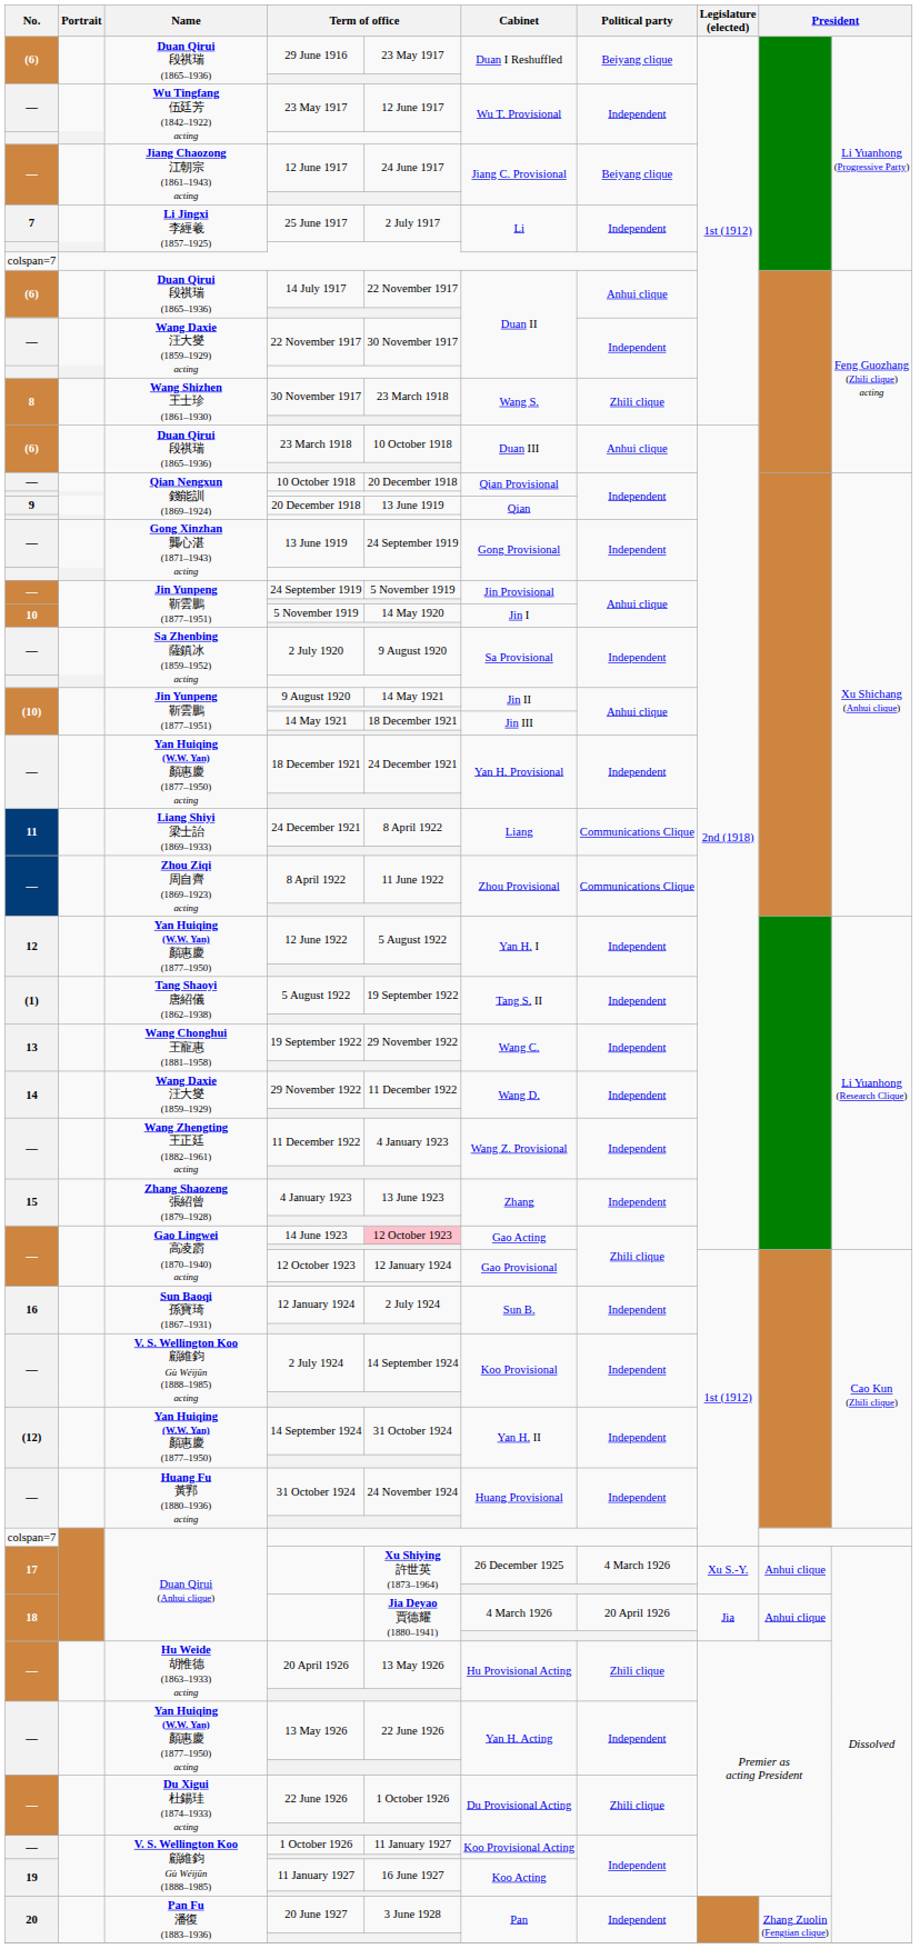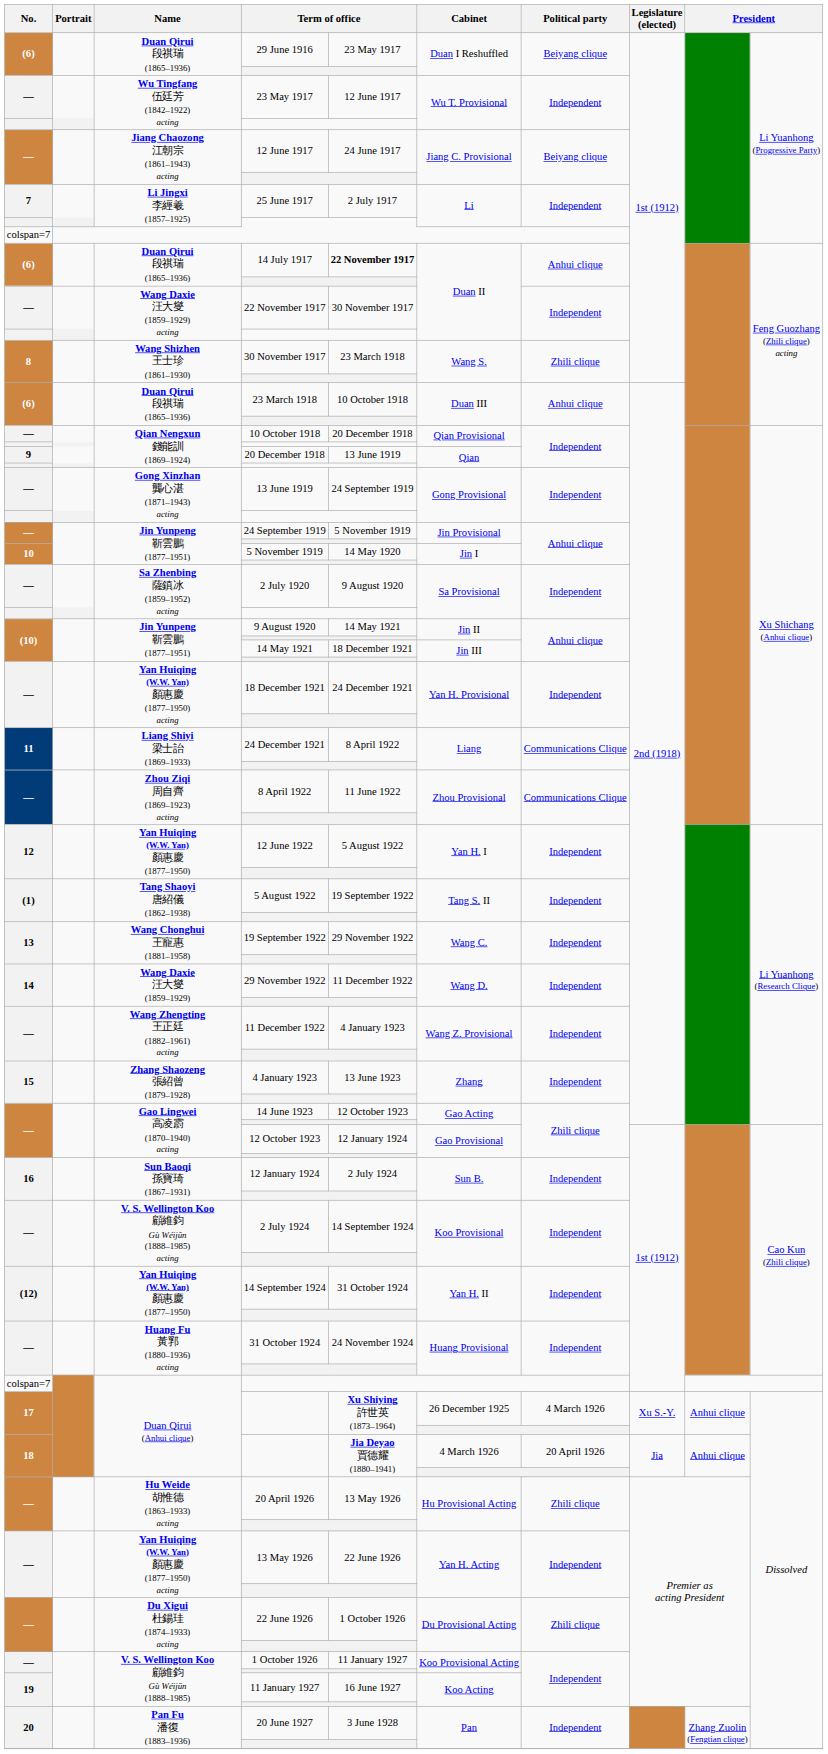 <table class="wikitable" style="text-align:center">
 <tr>
 <th>No.</th>
 <th>Portrait</th>
 <th width=18%>Name<br></th>
 <th colspan=2>Term of office<br></th>
 <th>Cabinet</th>
 <th>Political party</th>
 <th>Legislature<br>(elected)</th>
 <th colspan=2><a href='#'>President</a></th>
 </tr>
 <tr>
 <th rowspan=2 style="background:#CD853F; color:white;">(6)</th>
 <td rowspan=2></td>
 <td rowspan=2 align=center><strong><a href='#'>Duan Qirui</a></strong><br><span>段祺瑞</span><br><small>(1865–1936)</small></td>
 <td>29 June 1916</td>
 <td>23 May 1917</td>
 <td rowspan=2><a href='#'>Duan</a> I Reshuffled</td>
 <td rowspan=2><a href='#'>Beiyang clique</a></td>
 <td rowspan=15 align="center"><a href='#'>1st (1912)</a></td>
 <th rowspan=9 style="background:#008000;"></th>
 <td rowspan=9><br><a href='#'>Li Yuanhong</a><br><small>(<a href='#'>Progressive Party</a>)</small></td>
 </tr>
 <tr>
 <th colspan=2 style="font-size:90%; font-weight:normal"></th>
 </tr>
 <tr>
 <th style="background:">—</th>
 <td rowspan=2></td>
 <td rowspan=2 align=center><strong><a href='#'>Wu Tingfang</a></strong><br><span>伍廷芳</span><br><small>(1842–1922)<br><em>acting</em></small></td>
 <td>23 May 1917</td>
 <td>12 June 1917</td>
 <td rowspan=2><a href='#'>Wu T. Provisional</a></td>
 <td rowspan=2><a href='#'>Independent</a></td>
 </tr>
 <tr>
 <th colspan=2 style="font-size:90%; font-weight:normal"></th>
 </tr>
 <tr>
 <th style="background:#CD853F; color:white;" rowspan=2>—</th>
 <td rowspan=2></td>
 <td rowspan=2 align=center><strong><a href='#'>Jiang Chaozong</a></strong><br><span>江朝宗</span><br><small>(1861–1943)<br><em>acting</em></small></td>
 <td>12 June 1917</td>
 <td>24 June 1917</td>
 <td rowspan=2><a href='#'>Jiang C. Provisional</a></td>
 <td rowspan=2><a href='#'>Beiyang clique</a></td>
 </tr>
 <tr>
 <th colspan=2 style="font-size:90%; font-weight:normal"></th>
 </tr>
 <tr>
 <th style="background:">7</th>
 <td rowspan=2></td>
 <td rowspan=2 align=center><strong><a href='#'>Li Jingxi</a></strong><br><span>李經羲</span><br><small>(1857–1925)</small></td>
 <td>25 June 1917</td>
 <td>2 July 1917</td>
 <td rowspan=2><a href='#'>Li</a></td>
 <td rowspan=2><a href='#'>Independent</a></td>
 </tr>
 <tr>
 <th colspan=2 style="font-size:90%; font-weight:normal"></th>
 </tr>
 <tr>
 <td>colspan=7 </td>
 </tr>
 <tr>
 <th style="background:#CD853F; color:white;" rowspan=2>(6)</th>
 <td rowspan=2></td>
 <td rowspan=2 align=center><strong><a href='#'>Duan Qirui</a></strong><br><span>段祺瑞</span><br><small>(1865–1936)</small></td>
 <td>14 July 1917</td>
-<td>22 November 1917</td>
+<td><strong>22 November 1917</strong></td>
 <td rowspan=4><a href='#'>Duan</a> II</td>
 <td rowspan=2><a href='#'>Anhui clique</a></td>
 <th rowspan=8 style="background:#CD853F;"></th>
 <td rowspan=8><br><a href='#'>Feng Guozhang</a><br><small>(<a href='#'>Zhili clique</a>)<br><em>acting</em></small></td>
 </tr>
 <tr>
 <th colspan=2 style="font-size:90%; font-weight:normal"></th>
 </tr>
 <tr>
 <th style="background:">—</th>
 <td rowspan=2></td>
 <td rowspan=2 align=center><strong><a href='#'>Wang Daxie</a></strong><br><span>汪大燮</span><br><small>(1859–1929)<br><em>acting</em></small></td>
 <td>22 November 1917</td>
 <td>30 November 1917</td>
 <td rowspan=2><a href='#'>Independent</a></td>
 </tr>
 <tr>
 <th colspan=2 style="font-size:90%; font-weight:normal"></th>
 </tr>
 <tr>
 <th style="background:#CD853F; color:white;" rowspan=2>8</th>
 <td rowspan=2></td>
 <td rowspan=2 align=center><strong><a href='#'>Wang Shizhen</a></strong><br><span>王士珍</span><br><small>(1861–1930)</small></td>
 <td>30 November 1917</td>
 <td>23 March 1918</td>
 <td rowspan=2><a href='#'>Wang S.</a></td>
 <td rowspan=2><a href='#'>Zhili clique</a></td>
 </tr>
 <tr>
 <th colspan=2 style="font-size:90%; font-weight:normal"></th>
 </tr>
 <tr>
 <th style="background:#CD853F; color:white;" rowspan=2>(6)</th>
 <td rowspan=2></td>
 <td rowspan=2 align=center><strong><a href='#'>Duan Qirui</a></strong><br><span>段祺瑞</span><br><small>(1865–1936)</small></td>
 <td>23 March 1918</td>
 <td>10 October 1918</td>
 <td rowspan=2><a href='#'>Duan</a> III</td>
 <td rowspan=2><a href='#'>Anhui clique</a></td>
 <td rowspan=38 align="center"><a href='#'>2nd (1918)</a></td>
 </tr>
 <tr>
 <th colspan=2 style="font-size:90%; font-weight:normal"></th>
 </tr>
 <tr>
 <th style="background:">—</th>
 <td rowspan=4></td>
 <td rowspan=4 align=center><strong><a href='#'>Qian Nengxun</a></strong><br><span>錢能訓</span><br><small>(1869–1924)</small></td>
 <td>10 October 1918</td>
 <td>20 December 1918</td>
 <td rowspan=2><a href='#'>Qian Provisional</a></td>
 <td rowspan=4><a href='#'>Independent</a></td>
 <th rowspan=22 style="background:#CD853F;"></th>
 <td rowspan=22><br><a href='#'>Xu Shichang</a><br><small>(<a href='#'>Anhui clique</a>)</small></td>
 </tr>
 <tr>
 <th colspan=2 style="font-size:90%; font-weight:normal"></th>
 </tr>
 <tr>
 <th style="background:">9</th>
 <td>20 December 1918</td>
 <td>13 June 1919</td>
 <td rowspan=2><a href='#'>Qian</a></td>
 </tr>
 <tr>
 <th colspan=2 style="font-size:90%; font-weight:normal"></th>
 </tr>
 <tr>
 <th style="background:">—</th>
 <td rowspan=2></td>
 <td rowspan=2 align=center><strong><a href='#'>Gong Xinzhan</a></strong><br><span>龔心湛</span><br><small>(1871–1943)<br><em>acting</em></small></td>
 <td>13 June 1919</td>
 <td>24 September 1919</td>
 <td rowspan=2><a href='#'>Gong Provisional</a></td>
 <td rowspan=2><a href='#'>Independent</a></td>
 </tr>
 <tr>
 <th colspan=2 style="font-size:90%; font-weight:normal"></th>
 </tr>
 <tr>
 <th style="background:#CD853F; color:white;" rowspan=2>—</th>
 <td rowspan=4></td>
 <td rowspan=4 align=center><strong><a href='#'>Jin Yunpeng</a></strong><br><span>靳雲鵬</span><br><small>(1877–1951)</small></td>
 <td>24 September 1919</td>
 <td>5 November 1919</td>
 <td rowspan=2><a href='#'>Jin Provisional</a></td>
 <td rowspan=4><a href='#'>Anhui clique</a></td>
 </tr>
 <tr>
 <th colspan=2 style="font-size:90%; font-weight:normal"></th>
 </tr>
 <tr>
 <th style="background:#CD853F; color:white;" rowspan=2>10</th>
 <td>5 November 1919</td>
 <td>14 May 1920</td>
 <td rowspan=2><a href='#'>Jin</a> I</td>
 </tr>
 <tr>
 <th colspan=2 style="font-size:90%; font-weight:normal"></th>
 </tr>
 <tr>
 <th style="background:">—</th>
 <td rowspan=2></td>
 <td rowspan=2 align=center><strong><a href='#'>Sa Zhenbing</a></strong><br><span>薩鎮冰</span><br><small>(1859–1952)<br><em>acting</em></small></td>
 <td>2 July 1920</td>
 <td>9 August 1920</td>
 <td rowspan=2><a href='#'>Sa Provisional</a></td>
 <td rowspan=2><a href='#'>Independent</a></td>
 </tr>
 <tr>
 <th colspan=2 style="font-size:90%; font-weight:normal"></th>
 </tr>
 <tr>
 <th rowspan=4 style="background:#CD853F; color:white;">(10)</th>
 <td rowspan=4></td>
 <td rowspan=4 align=center><strong><a href='#'>Jin Yunpeng</a></strong><br><span>靳雲鵬</span><br><small>(1877–1951)</small></td>
 <td>9 August 1920</td>
 <td>14 May 1921</td>
 <td rowspan=2><a href='#'>Jin</a> II</td>
 <td rowspan=4><a href='#'>Anhui clique</a></td>
 </tr>
 <tr>
 <th colspan=2 style="font-size:90%; font-weight:normal"></th>
 </tr>
 <tr>
 <td>14 May 1921</td>
 <td>18 December 1921</td>
 <td rowspan=2><a href='#'>Jin</a> III</td>
 </tr>
 <tr>
 <th colspan=2 style="font-size:90%; font-weight:normal"></th>
 </tr>
 <tr>
 <th rowspan=2 style="background:">—</th>
 <td rowspan=2></td>
 <td rowspan=2 align=center><strong><a href='#'>Yan Huiqing<br><small>(W.W. Yan)</small></a></strong><br><span>顏惠慶</span><br><small>(1877–1950)<br><em>acting</em></small></td>
 <td>18 December 1921</td>
 <td>24 December 1921</td>
 <td rowspan=2><a href='#'>Yan H. Provisional</a></td>
 <td rowspan=2><a href='#'>Independent</a></td>
 </tr>
 <tr>
 <th colspan=2 style="font-size:90%; font-weight:normal"></th>
 </tr>
 <tr>
 <th rowspan=2 style="background:#013C78; color:white;">11</th>
 <td rowspan=2></td>
 <td rowspan=2 align=center><strong><a href='#'>Liang Shiyi</a></strong><br><span>梁士詒</span><br><small>(1869–1933)</small></td>
 <td>24 December 1921</td>
 <td>8 April 1922</td>
 <td rowspan=2><a href='#'>Liang</a></td>
 <td rowspan=2><a href='#'>Communications Clique</a></td>
 </tr>
 <tr>
 <th colspan=2 style="font-size:90%; font-weight:normal"></th>
 </tr>
 <tr>
 <th rowspan=2 style="background:#013C78; color:white;">—</th>
 <td rowspan=2></td>
 <td rowspan=2 align=center><strong><a href='#'>Zhou Ziqi</a></strong><br><span>周自齊</span><br><small>(1869–1923)<br><em>acting</em></small></td>
 <td>8 April 1922</td>
 <td>11 June 1922</td>
 <td rowspan=2><a href='#'>Zhou Provisional</a></td>
 <td rowspan=2><a href='#'>Communications Clique</a></td>
 </tr>
 <tr>
 <th colspan=2 style="font-size:90%; font-weight:normal"></th>
 </tr>
 <tr>
 <th rowspan=2 style="background:">12</th>
 <td rowspan=2></td>
 <td rowspan=2 align=center><strong><a href='#'>Yan Huiqing<br><small>(W.W. Yan)</small></a></strong><br><span>顏惠慶</span><br><small>(1877–1950)<br></small></td>
 <td>12 June 1922</td>
 <td>5 August 1922</td>
 <td rowspan=2><a href='#'>Yan H.</a> I</td>
 <td rowspan=2><a href='#'>Independent</a></td>
 <th rowspan=14 style="background:#008000;"></th>
 <td rowspan=14><br><a href='#'>Li Yuanhong</a><br><small>(<a href='#'>Research Clique</a>)</small></td>
 </tr>
 <tr>
 <th colspan=2 style="font-size:90%; font-weight:normal"></th>
 </tr>
 <tr>
 <th rowspan=2 style="background:">(1)</th>
 <td rowspan=2></td>
 <td rowspan=2 align=center><strong><a href='#'>Tang Shaoyi</a></strong><br><span>唐紹儀</span><br><small>(1862–1938)</small></td>
 <td>5 August 1922</td>
 <td>19 September 1922</td>
 <td rowspan=2><a href='#'>Tang S.</a> II</td>
 <td rowspan=2><a href='#'>Independent</a></td>
 </tr>
 <tr>
 <th colspan=2 style="font-size:90%; font-weight:normal"></th>
 </tr>
 <tr>
 <th rowspan=2 style="background:">13</th>
 <td rowspan=2></td>
 <td rowspan=2 align=center><strong><a href='#'>Wang Chonghui</a></strong><br><span>王寵惠</span><br><small>(1881–1958)<br></small></td>
 <td>19 September 1922</td>
 <td>29 November 1922</td>
 <td rowspan=2><a href='#'>Wang C.</a></td>
 <td rowspan=2><a href='#'>Independent</a></td>
 </tr>
 <tr>
 <th colspan=2 style="font-size:90%; font-weight:normal"></th>
 </tr>
 <tr>
 <th rowspan=2 style="background:">14</th>
 <td rowspan=2></td>
 <td rowspan=2 align=center><strong><a href='#'>Wang Daxie</a></strong><br><span>汪大燮</span><br><small>(1859–1929)<br></small></td>
 <td>29 November 1922</td>
 <td>11 December 1922</td>
 <td rowspan=2><a href='#'>Wang D.</a></td>
 <td rowspan=2><a href='#'>Independent</a></td>
 </tr>
 <tr>
 <th colspan=2 style="font-size:90%; font-weight:normal"></th>
 </tr>
 <tr>
 <th rowspan=2 style="background:">—</th>
 <td rowspan=2></td>
 <td rowspan=2 align=center><strong><a href='#'>Wang Zhengting</a></strong><br><span>王正廷</span><br><small>(1882–1961)<br><em>acting</em></small></td>
 <td>11 December 1922</td>
 <td>4 January 1923</td>
 <td rowspan=2><a href='#'>Wang Z. Provisional</a></td>
 <td rowspan=2><a href='#'>Independent</a></td>
 </tr>
 <tr>
 <th colspan=2 style="font-size:90%; font-weight:normal"></th>
 </tr>
 <tr>
 <th rowspan=2 style="background:">15</th>
 <td rowspan=2></td>
 <td rowspan=2 align=center><strong><a href='#'>Zhang Shaozeng</a></strong><br><span>張紹曾</span><br><small>(1879–1928)<br></small></td>
 <td>4 January 1923</td>
 <td>13 June 1923</td>
 <td rowspan=2><a href='#'>Zhang</a></td>
 <td rowspan=2><a href='#'>Independent</a></td>
 </tr>
 <tr>
 <th colspan=2 style="font-size:90%; font-weight:normal"></th>
 </tr>
 <tr>
 <th rowspan=4 style="background:#CD853F; color:white;">—</th>
 <td rowspan=4></td>
 <td rowspan=4 align=center><strong><a href='#'>Gao Lingwei</a></strong><br><span>高凌霨</span><br><small>(1870–1940)<br><em>acting</em></small></td>
 <td>14 June 1923</td>
-<td style="background: pink;">12 October 1923</td>
+<td>12 October 1923</td>
 <td rowspan=2><a href='#'>Gao Acting</a></td>
 <td rowspan=4><a href='#'>Zhili clique</a></td>
 </tr>
 <tr>
 <th colspan=2 style="font-size:90%; font-weight:normal"></th>
 </tr>
 <tr>
 <td>12 October 1923</td>
 <td>12 January 1924</td>
 <td rowspan=2><a href='#'>Gao Provisional</a></td>
 <td rowspan=11 align="center"><a href='#'>1st (1912)</a></td>
 <th rowspan=10 style="background:#CD853F;"></th>
 <td rowspan=10><br><a href='#'>Cao Kun</a><br><small>(<a href='#'>Zhili clique</a>)</small></td>
 </tr>
 <tr>
 <th colspan=2 style="font-size:90%; font-weight:normal"></th>
 </tr>
 <tr>
 <th rowspan=2 style="background:">16</th>
 <td rowspan=2></td>
 <td rowspan=2 align=center><strong><a href='#'>Sun Baoqi</a></strong><br><span>孫寶琦</span><br><small>(1867–1931)</small></td>
 <td>12 January 1924</td>
 <td>2 July 1924</td>
 <td rowspan=2><a href='#'>Sun B.</a></td>
 <td rowspan=2><a href='#'>Independent</a></td>
 </tr>
 <tr>
 <th colspan=2 style="font-size:90%; font-weight:normal"></th>
 </tr>
 <tr>
 <th rowspan=2 style="background:">—</th>
 <td rowspan=2></td>
 <td rowspan=2 align=center><strong><a href='#'>V. S. Wellington Koo</a></strong><br><span>顧維鈞</span><br><small><em>Gù Wéijūn</em><br>(1888–1985)<br><em>acting</em></small></td>
 <td>2 July 1924</td>
 <td>14 September 1924</td>
 <td rowspan=2><a href='#'>Koo Provisional</a></td>
 <td rowspan=2><a href='#'>Independent</a></td>
 </tr>
 <tr>
 <th colspan=2 style="font-size:90%; font-weight:normal"></th>
 </tr>
 <tr>
 <th rowspan=2 style="background:">(12)</th>
 <td rowspan=2></td>
 <td rowspan=2 align=center><strong><a href='#'>Yan Huiqing<br><small>(W.W. Yan)</small></a></strong><br><span>顏惠慶</span><br><small>(1877–1950)<br></small></td>
 <td>14 September 1924</td>
 <td>31 October 1924</td>
 <td rowspan=2><a href='#'>Yan H.</a> II</td>
 <td rowspan=2><a href='#'>Independent</a></td>
 </tr>
 <tr>
 <th colspan=2 style="font-size:90%; font-weight:normal"></th>
 </tr>
 <tr>
 <th rowspan=2 style="background:">—</th>
 <td rowspan=2></td>
 <td rowspan=2 align=center><strong><a href='#'>Huang Fu</a></strong><br><span>黃郛</span><br><small>(1880–1936)<br><em>acting</em></small></td>
 <td>31 October 1924</td>
 <td>24 November 1924</td>
 <td rowspan=2><a href='#'>Huang Provisional</a></td>
 <td rowspan=2><a href='#'>Independent</a></td>
 </tr>
 <tr>
 <th colspan=2 style="font-size:90%; font-weight:normal"></th>
 </tr>
 <tr>
 <td>colspan=7 </td>
 <th rowspan=5 style="background:#CD853F; color:white;"></th>
 <td rowspan=5><br><a href='#'>Duan Qirui</a><br><small>(<a href='#'>Anhui clique</a>)</small></td>
 </tr>
 <tr>
 <th rowspan=2 style="background:#CD853F; color:white;">17</th>
 <td rowspan=2></td>
 <td rowspan=2 align=center><strong><a href='#'>Xu Shiying</a></strong><br><span>許世英</span><br><small>(1873–1964)</small></td>
 <td>26 December 1925</td>
 <td>4 March 1926</td>
 <td rowspan=2><a href='#'>Xu S.-Y.</a></td>
 <td rowspan=2><a href='#'>Anhui clique</a></td>
 <td rowspan=16><em>Dissolved</em></td>
 </tr>
 <tr>
 <th colspan=2 style="font-size:90%; font-weight:normal"></th>
 </tr>
 <tr>
 <th rowspan=2 style="background:#CD853F; color:white;">18</th>
 <td rowspan=2></td>
 <td rowspan=2 align=center><strong><a href='#'>Jia Deyao</a></strong><br><span>賈德耀</span><br><small>(1880–1941)</small></td>
 <td>4 March 1926</td>
 <td>20 April 1926</td>
 <td rowspan=2><a href='#'>Jia</a></td>
 <td rowspan=2><a href='#'>Anhui clique</a></td>
 </tr>
 <tr>
 <th colspan=2 style="font-size:90%; font-weight:normal"></th>
 </tr>
 <tr>
 <th rowspan=2 style="background:#CD853F; color:white;">—</th>
 <td rowspan=2></td>
 <td rowspan=2 align=center><strong><a href='#'>Hu Weide</a></strong><br><span>胡惟德</span><br><small>(1863–1933)<br><em>acting</em></small></td>
 <td>20 April 1926</td>
 <td>13 May 1926</td>
 <td rowspan=2><a href='#'>Hu Provisional Acting</a></td>
 <td rowspan=2><a href='#'>Zhili clique</a></td>
 <td rowspan=10 colspan=2><em>Premier as<br>acting President</em></td>
 </tr>
 <tr>
 <th colspan=2 style="font-size:90%; font-weight:normal"></th>
 </tr>
 <tr>
 <th rowspan=2 style="background:">—</th>
 <td rowspan=2></td>
 <td rowspan=2 align=center><strong><a href='#'>Yan Huiqing<br><small>(W.W. Yan)</small></a></strong><br><span>顏惠慶</span><br><small>(1877–1950)<br><em>acting</em></small></td>
 <td>13 May 1926</td>
 <td>22 June 1926</td>
 <td rowspan=2><a href='#'>Yan H. Acting</a></td>
 <td rowspan=2><a href='#'>Independent</a></td>
 </tr>
 <tr>
 <th colspan=2 style="font-size:90%; font-weight:normal"></th>
 </tr>
 <tr>
 <th rowspan=2 style="background:#CD853F; color:white;">—</th>
 <td rowspan=2></td>
 <td rowspan=2 align=center><strong><a href='#'>Du Xigui</a></strong><br><span>杜錫珪</span><br><small>(1874–1933)<br><em>acting</em></small></td>
 <td>22 June 1926</td>
 <td>1 October 1926</td>
 <td rowspan=2><a href='#'>Du Provisional Acting</a></td>
 <td rowspan=2><a href='#'>Zhili clique</a></td>
 </tr>
 <tr>
 <th colspan=2 style="font-size:90%; font-weight:normal"></th>
 </tr>
 <tr>
 <th rowspan=2 style="background:">—</th>
 <td rowspan=4></td>
 <td rowspan=4><strong><a href='#'>V. S. Wellington Koo</a></strong><br><span>顧維鈞</span><br><small><em>Gù Wéijūn</em><br>(1888–1985)<br></small></td>
 <td>1 October 1926</td>
 <td>11 January 1927</td>
 <td rowspan=2><a href='#'>Koo Provisional Acting</a></td>
 <td rowspan=4><a href='#'>Independent</a></td>
 </tr>
 <tr>
 <th colspan=2 style="font-size:90%; font-weight:normal"></th>
 </tr>
 <tr>
 <th rowspan=2 style="background:">19</th>
 <td>11 January 1927</td>
 <td>16 June 1927</td>
 <td rowspan=2><a href='#'>Koo Acting</a></td>
 </tr>
 <tr>
 <th colspan=2 style="font-size:90%; font-weight:normal"></th>
 </tr>
 <tr>
 <th rowspan=2 style="background:">20</th>
 <td rowspan=2></td>
 <td rowspan=2><strong><a href='#'>Pan Fu</a></strong><br><span>潘復</span><br><small>(1883–1936)<br></small></td>
 <td>20 June 1927</td>
 <td>3 June 1928</td>
 <td rowspan=2><a href='#'>Pan</a></td>
 <td rowspan=2><a href='#'>Independent</a></td>
 <th rowspan=2 style="background:#CD853F; color:white;"></th>
 <td rowspan=2><br><a href='#'>Zhang Zuolin</a><br><small>(<a href='#'>Fengtian clique</a>)</small></td>
 </tr>
 <tr>
 <th colspan=2 style="font-size:90%; font-weight:normal"></th>
 </tr>
 <tr>
 </tr>
 </table>
